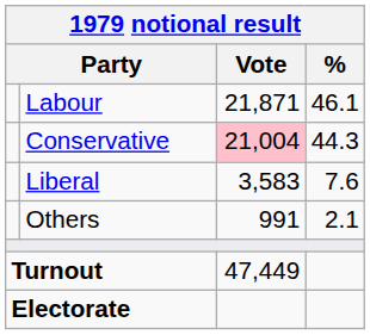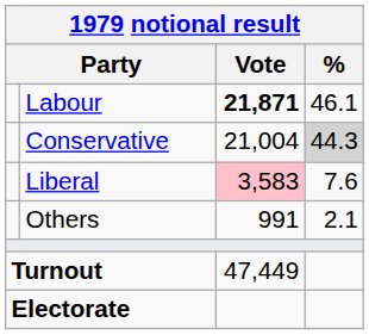 <table class="wikitable">
 <tr>
 <th colspan="4"><a href='#'>1979</a> <a href='#'>notional result</a></th>
 </tr>
 <tr>
 <th bgcolor="#DDDDFF" width="130px" colspan="2">Party</th>
 <th bgcolor="#DDDDFF" width="50px">Vote</th>
 <th bgcolor="#DDDDFF" width="30px">%</th>
 </tr>
 <tr>
 <td></td>
 <td><a href='#'>Labour</a></td>
-<td align=right>21,871</td>
+<td align=right><strong>21,871</strong></td>
 <td align=right>46.1</td>
 </tr>
 <tr>
 <td></td>
 <td><a href='#'>Conservative</a></td>
-<td align=right style="background: pink;">21,004</td>
-<td align=right>44.3</td>
+<td align=right>21,004</td>
+<td align=right style="background: lightgrey;">44.3</td>
 </tr>
 <tr>
 <td></td>
 <td><a href='#'>Liberal</a></td>
-<td align=right>3,583</td>
+<td align=right style="background: pink;">3,583</td>
 <td align=right>7.6</td>
 </tr>
 <tr>
 <td></td>
 <td>Others</td>
 <td align=right>991</td>
 <td align=right>2.1</td>
 </tr>
 <tr>
 <td colspan="4" bgcolor="#EAECF0"></td>
 </tr>
 <tr>
 <td colspan="2"><strong>Turnout</strong></td>
 <td align=right>47,449</td>
 <td align=right></td>
 </tr>
 <tr>
 <td colspan="2"><strong>Electorate</strong></td>
 <td align=right></td>
 </tr>
 </table>
